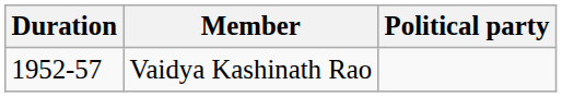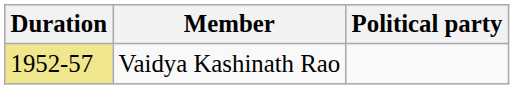 <table class="wikitable sortable">
 <tr>
 <th>Duration</th>
 <th>Member</th>
 <th colspan="2">Political party</th>
 </tr>
 <tr>
-<td>1952-57</td>
+<td style="background: khaki;">1952-57</td>
 <td>Vaidya Kashinath Rao</td>
 <td></td>
 </tr>
 </table>
